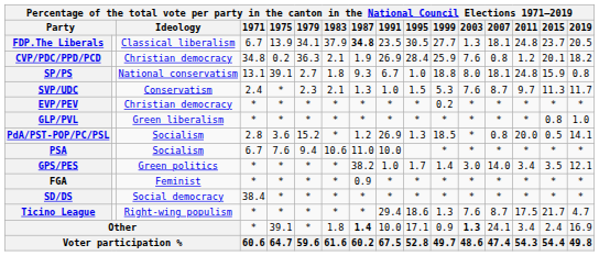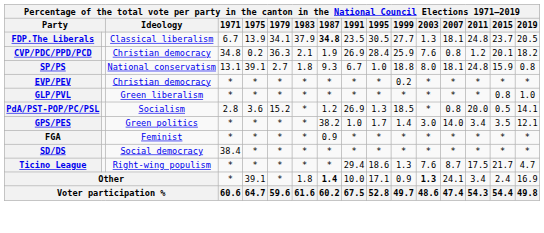 <table class="wikitable sortable" style ="text-align: center">
 <tr>
 <th colspan="16">Percentage of the total vote per party in the canton in the <a href='#'>National Council</a> Elections 1971–2019</th>
 </tr>
 <tr>
 <th colspan="2">Party</th>
 <th class="unsortable">Ideology</th>
 <th>1971</th>
 <th>1975</th>
 <th>1979</th>
 <th>1983</th>
 <th>1987</th>
 <th>1991</th>
 <th>1995</th>
 <th>1999</th>
 <th>2003</th>
 <th>2007</th>
 <th>2011</th>
 <th>2015</th>
 <th>2019</th>
 </tr>
 <tr>
 <th><a href='#'>FDP.The Liberals</a></th>
 <td></td>
 <td><a href='#'>Classical liberalism</a></td>
 <td>6.7</td>
 <td>13.9</td>
 <td>34.1</td>
 <td>37.9</td>
 <td><strong>34.8</strong></td>
 <td>23.5</td>
 <td>30.5</td>
 <td>27.7</td>
 <td>1.3</td>
 <td>18.1</td>
 <td>24.8</td>
 <td>23.7</td>
 <td>20.5</td>
 </tr>
 <tr>
 <th><a href='#'>CVP/PDC/PPD/PCD</a></th>
 <td></td>
 <td><a href='#'>Christian democracy</a></td>
 <td>34.8</td>
 <td>0.2</td>
 <td>36.3</td>
 <td>2.1</td>
 <td>1.9</td>
 <td>26.9</td>
 <td>28.4</td>
 <td>25.9</td>
 <td>7.6</td>
 <td>0.8</td>
 <td>1.2</td>
 <td>20.1</td>
 <td>18.2</td>
 </tr>
 <tr>
 <th><a href='#'>SP/PS</a></th>
 <td></td>
 <td><a href='#'>National conservatism</a></td>
 <td>13.1</td>
 <td>39.1</td>
 <td>2.7</td>
 <td>1.8</td>
 <td>9.3</td>
 <td>6.7</td>
 <td>1.0</td>
 <td>18.8</td>
 <td>8.0</td>
 <td>18.1</td>
 <td>24.8</td>
 <td>15.9</td>
 <td>0.8</td>
 </tr>
 <tr>
-<th><a href='#'>SVP/UDC</a></th>
-<td></td>
-<td><a href='#'>Conservatism</a></td>
-<td>2.4</td>
-<td>* </td>
-<td>2.3</td>
-<td>2.1</td>
-<td>1.3</td>
-<td>1.0</td>
-<td>1.5</td>
-<td>5.3</td>
-<td>7.6</td>
-<td>8.7</td>
-<td>9.7</td>
-<td>11.3</td>
-<td>11.7</td>
-</tr>
-<tr>
 <th><a href='#'>EVP/PEV</a></th>
 <td></td>
 <td><a href='#'>Christian democracy</a></td>
 <td>*</td>
 <td>*</td>
 <td>*</td>
 <td>*</td>
 <td>*</td>
 <td>*</td>
 <td>*</td>
 <td>0.2</td>
 <td>*</td>
 <td>*</td>
 <td>*</td>
 <td>*</td>
 <td>*</td>
 </tr>
 <tr>
 <th><a href='#'>GLP/PVL</a></th>
 <td></td>
 <td><a href='#'>Green liberalism</a></td>
 <td>*</td>
 <td>*</td>
 <td>*</td>
 <td>*</td>
 <td>*</td>
 <td>*</td>
 <td>*</td>
 <td>*</td>
 <td>*</td>
 <td>*</td>
 <td>*</td>
 <td>0.8</td>
 <td>1.0</td>
 </tr>
 <tr>
 <th><a href='#'>PdA/PST-POP/PC/PSL</a></th>
 <td></td>
 <td><a href='#'>Socialism</a></td>
 <td>2.8</td>
 <td>3.6</td>
 <td>15.2</td>
 <td>*</td>
 <td>1.2</td>
 <td>26.9</td>
 <td>1.3</td>
 <td>18.5</td>
 <td>*</td>
 <td>0.8</td>
 <td>20.0</td>
 <td>0.5</td>
 <td>14.1</td>
-</tr>
-<tr>
-<th><a href='#'>PSA</a></th>
-<td></td>
-<td><a href='#'>Socialism</a></td>
-<td>6.7</td>
-<td>7.6</td>
-<td>9.4</td>
-<td>10.6</td>
-<td>11.0</td>
-<td>10.0</td>
-<td></td>
-<td>*</td>
-<td>*</td>
-<td>*</td>
-<td>*</td>
-<td>*</td>
-<td>*</td>
 </tr>
 <tr>
 <th><a href='#'>GPS/PES</a></th>
 <td></td>
 <td><a href='#'>Green politics</a></td>
 <td>*</td>
 <td>*</td>
 <td>*</td>
 <td>*</td>
 <td>38.2</td>
 <td>1.0</td>
 <td>1.7</td>
 <td>1.4</td>
 <td>3.0</td>
 <td>14.0</td>
 <td>3.4</td>
 <td>3.5</td>
 <td>12.1</td>
 </tr>
 <tr>
 <th>FGA</th>
 <td></td>
 <td><a href='#'>Feminist</a></td>
 <td>*</td>
 <td>*</td>
 <td>*</td>
 <td>*</td>
 <td>0.9</td>
 <td>*</td>
 <td>*</td>
 <td>*</td>
 <td>*</td>
 <td>*</td>
 <td>*</td>
 <td>*</td>
 <td>*</td>
 </tr>
 <tr>
 <th><a href='#'>SD/DS</a></th>
 <td></td>
 <td><a href='#'>Social democracy</a></td>
 <td>38.4</td>
 <td>*</td>
 <td>*</td>
 <td>*</td>
 <td>*</td>
 <td>*</td>
 <td>*</td>
 <td>*</td>
 <td>*</td>
 <td>*</td>
 <td>*</td>
 <td>*</td>
 <td>*</td>
 </tr>
 <tr>
 <th><a href='#'>Ticino League</a></th>
 <td></td>
 <td><a href='#'>Right-wing populism</a></td>
 <td>*</td>
 <td>*</td>
 <td>*</td>
 <td>*</td>
 <td>*</td>
 <td>29.4</td>
 <td>18.6</td>
 <td>1.3</td>
 <td>7.6</td>
 <td>8.7</td>
 <td>17.5</td>
 <td>21.7</td>
 <td>4.7</td>
 </tr>
 <tr>
 <th colspan="3">Other</th>
 <td>*</td>
 <td>39.1</td>
 <td>*</td>
 <td>1.8</td>
 <td><strong>1.4</strong></td>
 <td>10.0</td>
 <td>17.1</td>
 <td>0.9</td>
 <td><strong>1.3</strong></td>
 <td>24.1</td>
 <td>3.4</td>
 <td>2.4</td>
 <td>16.9</td>
 </tr>
 <tr>
 <th colspan="3">Voter participation %</th>
 <th>60.6</th>
 <th>64.7</th>
 <th>59.6</th>
 <th>61.6</th>
 <th>60.2</th>
 <th>67.5</th>
 <th>52.8</th>
 <th>49.7</th>
 <th>48.6</th>
 <th>47.4</th>
 <th>54.3</th>
 <th>54.4</th>
 <th>49.8</th>
 </tr>
 </table>
